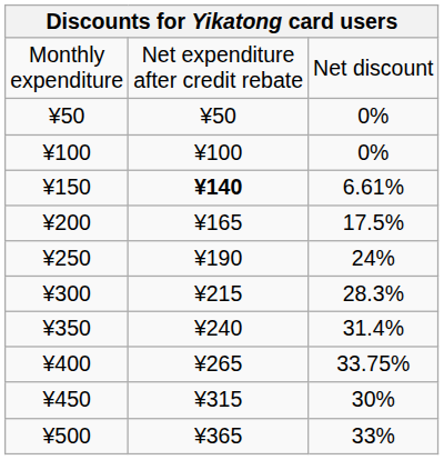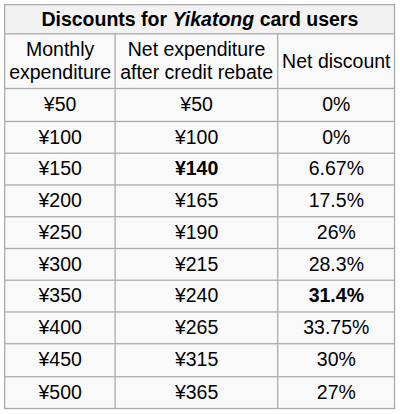 <table class="wikitable sortable floatright" style="cell-padding:1.5; font-size:96%; text-align:center;">
 <tr>
 <th class="unsortable" colspan="3" style="width:300px; line-height:1.05">Discounts for <em>Yikatong</em> card users</th>
 </tr>
 <tr>
 <td>Monthly<br>expenditure</td>
 <td>Net expenditure<br> after credit rebate</td>
 <td>Net discount<br></td>
 </tr>
 <tr>
 <td>¥50</td>
 <td>¥50</td>
 <td>0%</td>
 </tr>
 <tr>
 <td>¥100</td>
 <td>¥100</td>
 <td>0%</td>
 </tr>
 <tr>
 <td>¥150</td>
 <td><strong>¥140</strong></td>
-<td>6.61%</td>
+<td>6.67%</td>
 </tr>
 <tr>
 <td>¥200</td>
 <td>¥165</td>
 <td>17.5%</td>
 </tr>
 <tr>
 <td>¥250</td>
 <td>¥190</td>
-<td>24%</td>
+<td>26%</td>
 </tr>
 <tr>
 <td>¥300</td>
 <td>¥215</td>
 <td>28.3%</td>
 </tr>
 <tr>
 <td>¥350</td>
 <td>¥240</td>
-<td>31.4%</td>
+<td><strong>31.4%</strong></td>
 </tr>
 <tr>
 <td>¥400</td>
 <td>¥265</td>
 <td>33.75%</td>
 </tr>
 <tr>
 <td>¥450</td>
 <td>¥315</td>
 <td>30%</td>
 </tr>
 <tr>
 <td>¥500</td>
 <td>¥365</td>
-<td>33%</td>
+<td>27%</td>
 </tr>
 </table>
